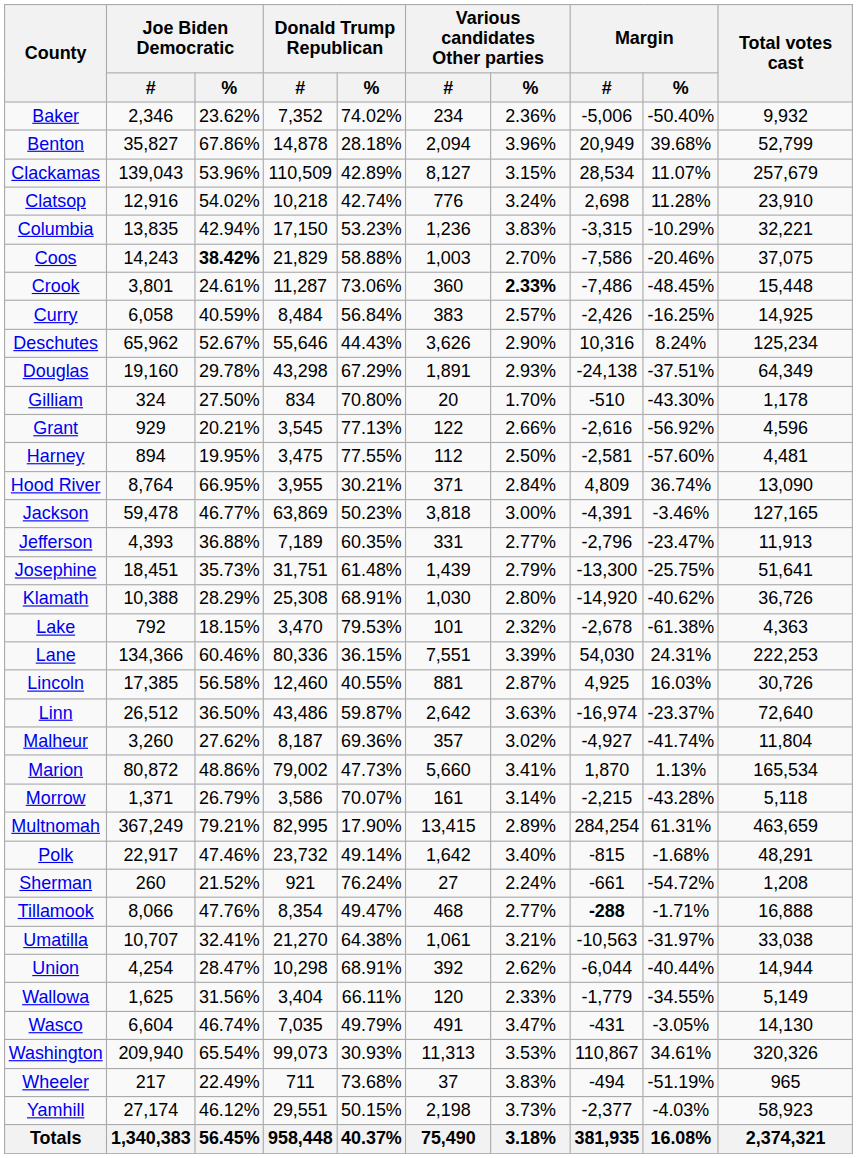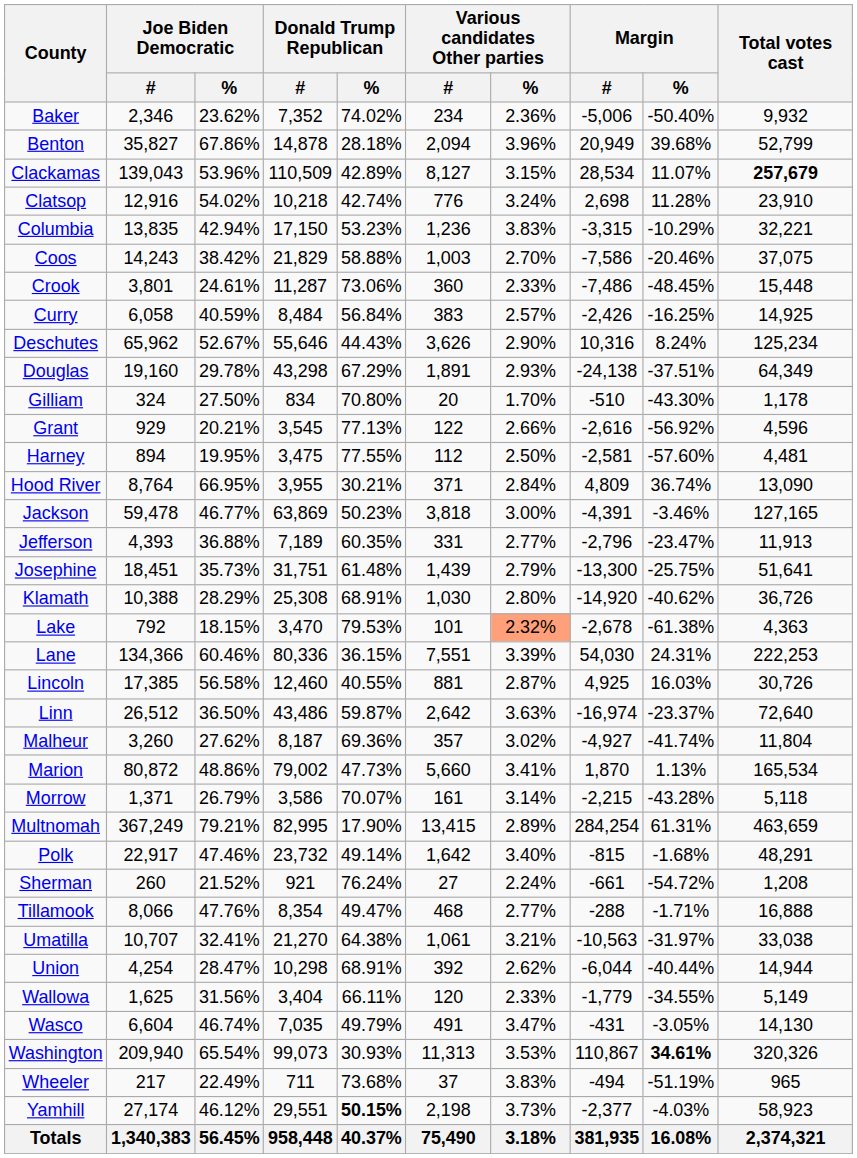 <table width="60%"  class="wikitable sortable" style="text-align:center">
 <tr>
 <th style="text-align:center;" rowspan="2">County</th>
 <th style="text-align:center;" colspan="2">Joe Biden<br>Democratic</th>
 <th style="text-align:center;" colspan="2">Donald Trump<br>Republican</th>
 <th style="text-align:center;" colspan="2">Various candidates<br>Other parties</th>
 <th style="text-align:center;" colspan="2">Margin</th>
 <th style="text-align:center;" rowspan="2">Total votes cast</th>
 </tr>
 <tr>
 <th style="text-align:center;" data-sort-type="number">#</th>
 <th style="text-align:center;" data-sort-type="number">%</th>
 <th style="text-align:center;" data-sort-type="number">#</th>
 <th style="text-align:center;" data-sort-type="number">%</th>
 <th style="text-align:center;" data-sort-type="number">#</th>
 <th style="text-align:center;" data-sort-type="number">%</th>
 <th style="text-align:center;" data-sort-type="number">#</th>
 <th style="text-align:center;" data-sort-type="number">%</th>
 </tr>
 <tr style="text-align:center;">
 <td><a href='#'>Baker</a></td>
 <td>2,346</td>
 <td>23.62%</td>
 <td>7,352</td>
 <td>74.02%</td>
 <td>234</td>
 <td>2.36%</td>
 <td>-5,006</td>
 <td>-50.40%</td>
 <td>9,932</td>
 </tr>
 <tr style="text-align:center;">
 <td><a href='#'>Benton</a></td>
 <td>35,827</td>
 <td>67.86%</td>
 <td>14,878</td>
 <td>28.18%</td>
 <td>2,094</td>
 <td>3.96%</td>
 <td>20,949</td>
 <td>39.68%</td>
 <td>52,799</td>
 </tr>
 <tr style="text-align:center;">
 <td><a href='#'>Clackamas</a></td>
 <td>139,043</td>
 <td>53.96%</td>
 <td>110,509</td>
 <td>42.89%</td>
 <td>8,127</td>
 <td>3.15%</td>
 <td>28,534</td>
 <td>11.07%</td>
-<td>257,679</td>
+<td><strong>257,679</strong></td>
 </tr>
 <tr style="text-align:center;">
 <td><a href='#'>Clatsop</a></td>
 <td>12,916</td>
 <td>54.02%</td>
 <td>10,218</td>
 <td>42.74%</td>
 <td>776</td>
 <td>3.24%</td>
 <td>2,698</td>
 <td>11.28%</td>
 <td>23,910</td>
 </tr>
 <tr style="text-align:center;">
 <td><a href='#'>Columbia</a></td>
 <td>13,835</td>
 <td>42.94%</td>
 <td>17,150</td>
 <td>53.23%</td>
 <td>1,236</td>
 <td>3.83%</td>
 <td>-3,315</td>
 <td>-10.29%</td>
 <td>32,221</td>
 </tr>
 <tr style="text-align:center;">
 <td><a href='#'>Coos</a></td>
 <td>14,243</td>
-<td><strong>38.42%</strong></td>
+<td>38.42%</td>
 <td>21,829</td>
 <td>58.88%</td>
 <td>1,003</td>
 <td>2.70%</td>
 <td>-7,586</td>
 <td>-20.46%</td>
 <td>37,075</td>
 </tr>
 <tr style="text-align:center;">
 <td><a href='#'>Crook</a></td>
 <td>3,801</td>
 <td>24.61%</td>
 <td>11,287</td>
 <td>73.06%</td>
 <td>360</td>
-<td><strong>2.33%</strong></td>
+<td>2.33%</td>
 <td>-7,486</td>
 <td>-48.45%</td>
 <td>15,448</td>
 </tr>
 <tr style="text-align:center;">
 <td><a href='#'>Curry</a></td>
 <td>6,058</td>
 <td>40.59%</td>
 <td>8,484</td>
 <td>56.84%</td>
 <td>383</td>
 <td>2.57%</td>
 <td>-2,426</td>
 <td>-16.25%</td>
 <td>14,925</td>
 </tr>
 <tr style="text-align:center;">
 <td><a href='#'>Deschutes</a></td>
 <td>65,962</td>
 <td>52.67%</td>
 <td>55,646</td>
 <td>44.43%</td>
 <td>3,626</td>
 <td>2.90%</td>
 <td>10,316</td>
 <td>8.24%</td>
 <td>125,234</td>
 </tr>
 <tr style="text-align:center;">
 <td><a href='#'>Douglas</a></td>
 <td>19,160</td>
 <td>29.78%</td>
 <td>43,298</td>
 <td>67.29%</td>
 <td>1,891</td>
 <td>2.93%</td>
 <td>-24,138</td>
 <td>-37.51%</td>
 <td>64,349</td>
 </tr>
 <tr style="text-align:center;">
 <td><a href='#'>Gilliam</a></td>
 <td>324</td>
 <td>27.50%</td>
 <td>834</td>
 <td>70.80%</td>
 <td>20</td>
 <td>1.70%</td>
 <td>-510</td>
 <td>-43.30%</td>
 <td>1,178</td>
 </tr>
 <tr style="text-align:center;">
 <td><a href='#'>Grant</a></td>
 <td>929</td>
 <td>20.21%</td>
 <td>3,545</td>
 <td>77.13%</td>
 <td>122</td>
 <td>2.66%</td>
 <td>-2,616</td>
 <td>-56.92%</td>
 <td>4,596</td>
 </tr>
 <tr style="text-align:center;">
 <td><a href='#'>Harney</a></td>
 <td>894</td>
 <td>19.95%</td>
 <td>3,475</td>
 <td>77.55%</td>
 <td>112</td>
 <td>2.50%</td>
 <td>-2,581</td>
 <td>-57.60%</td>
 <td>4,481</td>
 </tr>
 <tr style="text-align:center;">
 <td><a href='#'>Hood River</a></td>
 <td>8,764</td>
 <td>66.95%</td>
 <td>3,955</td>
 <td>30.21%</td>
 <td>371</td>
 <td>2.84%</td>
 <td>4,809</td>
 <td>36.74%</td>
 <td>13,090</td>
 </tr>
 <tr style="text-align:center;">
 <td><a href='#'>Jackson</a></td>
 <td>59,478</td>
 <td>46.77%</td>
 <td>63,869</td>
 <td>50.23%</td>
 <td>3,818</td>
 <td>3.00%</td>
 <td>-4,391</td>
 <td>-3.46%</td>
 <td>127,165</td>
 </tr>
 <tr style="text-align:center;">
 <td><a href='#'>Jefferson</a></td>
 <td>4,393</td>
 <td>36.88%</td>
 <td>7,189</td>
 <td>60.35%</td>
 <td>331</td>
 <td>2.77%</td>
 <td>-2,796</td>
 <td>-23.47%</td>
 <td>11,913</td>
 </tr>
 <tr style="text-align:center;">
 <td><a href='#'>Josephine</a></td>
 <td>18,451</td>
 <td>35.73%</td>
 <td>31,751</td>
 <td>61.48%</td>
 <td>1,439</td>
 <td>2.79%</td>
 <td>-13,300</td>
 <td>-25.75%</td>
 <td>51,641</td>
 </tr>
 <tr style="text-align:center;">
 <td><a href='#'>Klamath</a></td>
 <td>10,388</td>
 <td>28.29%</td>
 <td>25,308</td>
 <td>68.91%</td>
 <td>1,030</td>
 <td>2.80%</td>
 <td>-14,920</td>
 <td>-40.62%</td>
 <td>36,726</td>
 </tr>
 <tr style="text-align:center;">
 <td><a href='#'>Lake</a></td>
 <td>792</td>
 <td>18.15%</td>
 <td>3,470</td>
 <td>79.53%</td>
 <td>101</td>
-<td>2.32%</td>
+<td style="background: lightsalmon;">2.32%</td>
 <td>-2,678</td>
 <td>-61.38%</td>
 <td>4,363</td>
 </tr>
 <tr style="text-align:center;">
 <td><a href='#'>Lane</a></td>
 <td>134,366</td>
 <td>60.46%</td>
 <td>80,336</td>
 <td>36.15%</td>
 <td>7,551</td>
 <td>3.39%</td>
 <td>54,030</td>
 <td>24.31%</td>
 <td>222,253</td>
 </tr>
 <tr style="text-align:center;">
 <td><a href='#'>Lincoln</a></td>
 <td>17,385</td>
 <td>56.58%</td>
 <td>12,460</td>
 <td>40.55%</td>
 <td>881</td>
 <td>2.87%</td>
 <td>4,925</td>
 <td>16.03%</td>
 <td>30,726</td>
 </tr>
 <tr style="text-align:center;">
 <td><a href='#'>Linn</a></td>
 <td>26,512</td>
 <td>36.50%</td>
 <td>43,486</td>
 <td>59.87%</td>
 <td>2,642</td>
 <td>3.63%</td>
 <td>-16,974</td>
 <td>-23.37%</td>
 <td>72,640</td>
 </tr>
 <tr style="text-align:center;">
 <td><a href='#'>Malheur</a></td>
 <td>3,260</td>
 <td>27.62%</td>
 <td>8,187</td>
 <td>69.36%</td>
 <td>357</td>
 <td>3.02%</td>
 <td>-4,927</td>
 <td>-41.74%</td>
 <td>11,804</td>
 </tr>
 <tr style="text-align:center;">
 <td><a href='#'>Marion</a></td>
 <td>80,872</td>
 <td>48.86%</td>
 <td>79,002</td>
 <td>47.73%</td>
 <td>5,660</td>
 <td>3.41%</td>
 <td>1,870</td>
 <td>1.13%</td>
 <td>165,534</td>
 </tr>
 <tr style="text-align:center;">
 <td><a href='#'>Morrow</a></td>
 <td>1,371</td>
 <td>26.79%</td>
 <td>3,586</td>
 <td>70.07%</td>
 <td>161</td>
 <td>3.14%</td>
 <td>-2,215</td>
 <td>-43.28%</td>
 <td>5,118</td>
 </tr>
 <tr style="text-align:center;">
 <td><a href='#'>Multnomah</a></td>
 <td>367,249</td>
 <td>79.21%</td>
 <td>82,995</td>
 <td>17.90%</td>
 <td>13,415</td>
 <td>2.89%</td>
 <td>284,254</td>
 <td>61.31%</td>
 <td>463,659</td>
 </tr>
 <tr style="text-align:center;">
 <td><a href='#'>Polk</a></td>
 <td>22,917</td>
 <td>47.46%</td>
 <td>23,732</td>
 <td>49.14%</td>
 <td>1,642</td>
 <td>3.40%</td>
 <td>-815</td>
 <td>-1.68%</td>
 <td>48,291</td>
 </tr>
 <tr style="text-align:center;">
 <td><a href='#'>Sherman</a></td>
 <td>260</td>
 <td>21.52%</td>
 <td>921</td>
 <td>76.24%</td>
 <td>27</td>
 <td>2.24%</td>
 <td>-661</td>
 <td>-54.72%</td>
 <td>1,208</td>
 </tr>
 <tr style="text-align:center;">
 <td><a href='#'>Tillamook</a></td>
 <td>8,066</td>
 <td>47.76%</td>
 <td>8,354</td>
 <td>49.47%</td>
 <td>468</td>
 <td>2.77%</td>
-<td><strong>-288</strong></td>
+<td>-288</td>
 <td>-1.71%</td>
 <td>16,888</td>
 </tr>
 <tr style="text-align:center;">
 <td><a href='#'>Umatilla</a></td>
 <td>10,707</td>
 <td>32.41%</td>
 <td>21,270</td>
 <td>64.38%</td>
 <td>1,061</td>
 <td>3.21%</td>
 <td>-10,563</td>
 <td>-31.97%</td>
 <td>33,038</td>
 </tr>
 <tr style="text-align:center;">
 <td><a href='#'>Union</a></td>
 <td>4,254</td>
 <td>28.47%</td>
 <td>10,298</td>
 <td>68.91%</td>
 <td>392</td>
 <td>2.62%</td>
 <td>-6,044</td>
 <td>-40.44%</td>
 <td>14,944</td>
 </tr>
 <tr style="text-align:center;">
 <td><a href='#'>Wallowa</a></td>
 <td>1,625</td>
 <td>31.56%</td>
 <td>3,404</td>
 <td>66.11%</td>
 <td>120</td>
 <td>2.33%</td>
 <td>-1,779</td>
 <td>-34.55%</td>
 <td>5,149</td>
 </tr>
 <tr style="text-align:center;">
 <td><a href='#'>Wasco</a></td>
 <td>6,604</td>
 <td>46.74%</td>
 <td>7,035</td>
 <td>49.79%</td>
 <td>491</td>
 <td>3.47%</td>
 <td>-431</td>
 <td>-3.05%</td>
 <td>14,130</td>
 </tr>
 <tr style="text-align:center;">
 <td><a href='#'>Washington</a></td>
 <td>209,940</td>
 <td>65.54%</td>
 <td>99,073</td>
 <td>30.93%</td>
 <td>11,313</td>
 <td>3.53%</td>
 <td>110,867</td>
-<td>34.61%</td>
+<td><strong>34.61%</strong></td>
 <td>320,326</td>
 </tr>
 <tr style="text-align:center;">
 <td><a href='#'>Wheeler</a></td>
 <td>217</td>
 <td>22.49%</td>
 <td>711</td>
 <td>73.68%</td>
 <td>37</td>
 <td>3.83%</td>
 <td>-494</td>
 <td>-51.19%</td>
 <td>965</td>
 </tr>
 <tr style="text-align:center;">
 <td><a href='#'>Yamhill</a></td>
 <td>27,174</td>
 <td>46.12%</td>
 <td>29,551</td>
-<td>50.15%</td>
+<td><strong>50.15%</strong></td>
 <td>2,198</td>
 <td>3.73%</td>
 <td>-2,377</td>
 <td>-4.03%</td>
 <td>58,923</td>
 </tr>
 <tr>
 <th>Totals</th>
 <th>1,340,383</th>
 <th>56.45%</th>
 <th>958,448</th>
 <th>40.37%</th>
 <th>75,490</th>
 <th>3.18%</th>
 <th>381,935</th>
 <th>16.08%</th>
 <th>2,374,321</th>
 </tr>
 </table>
